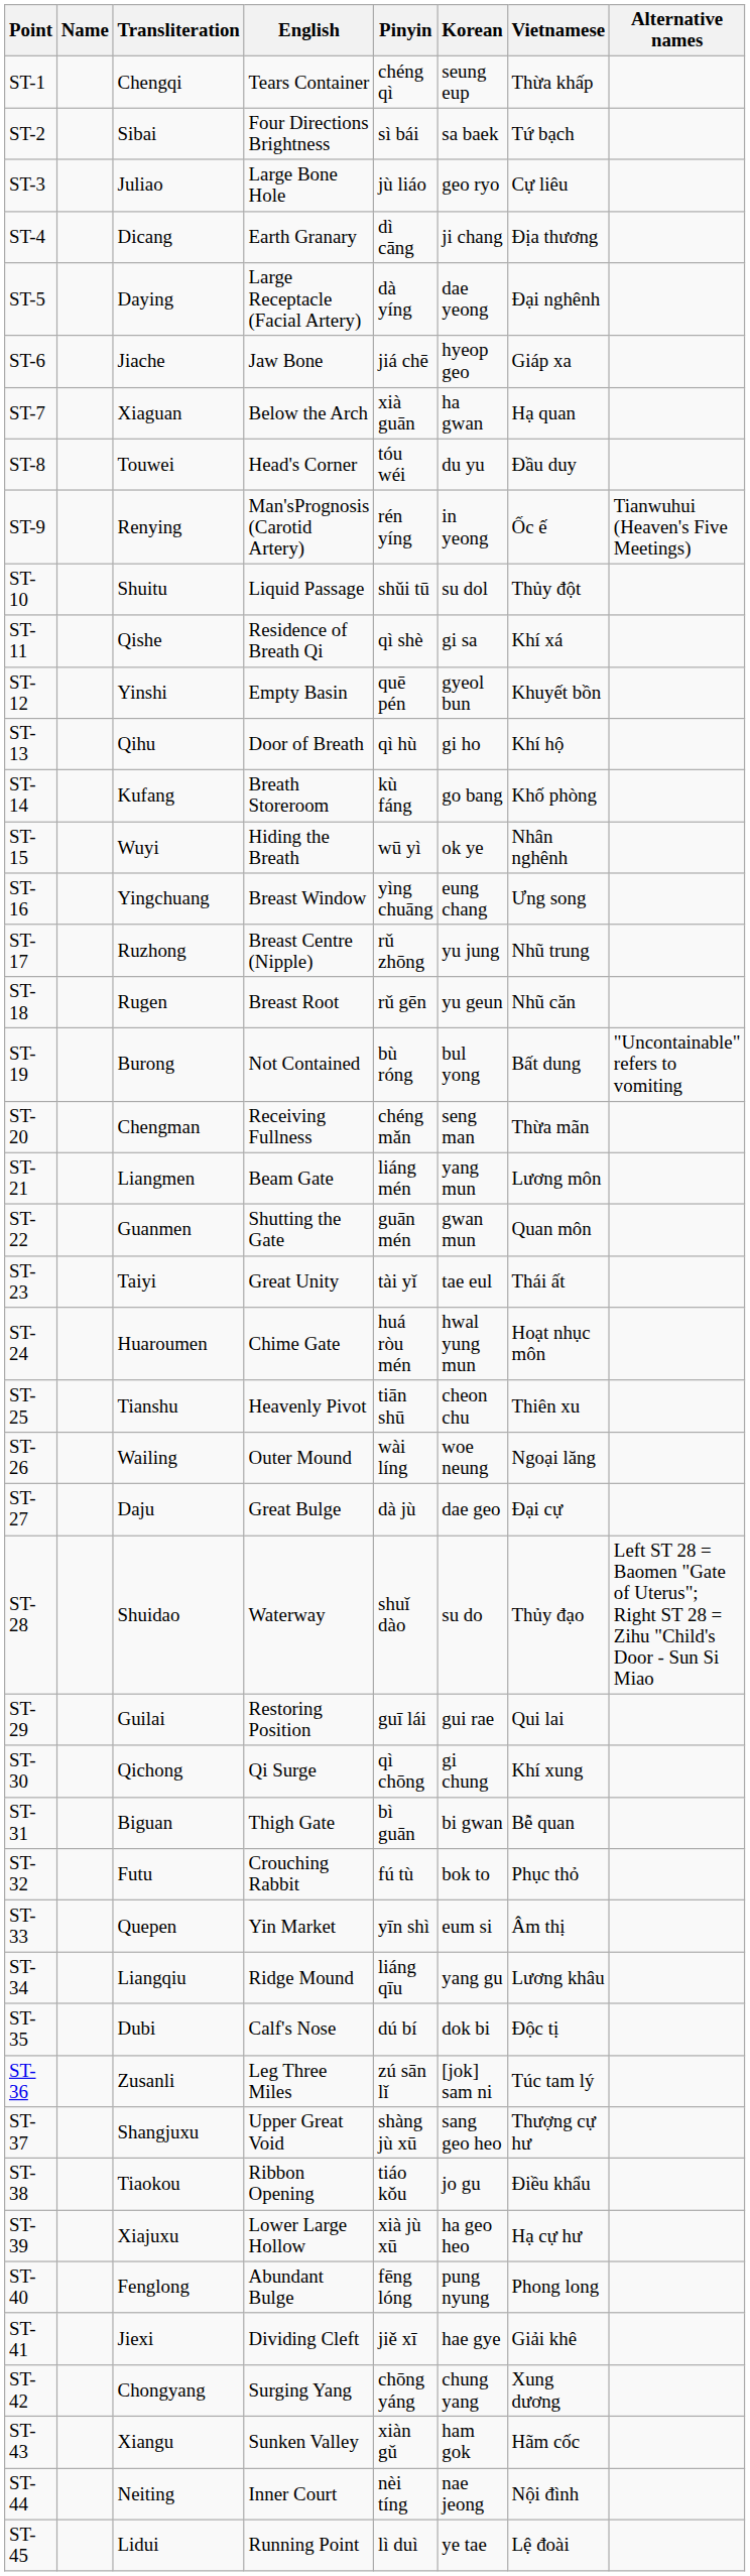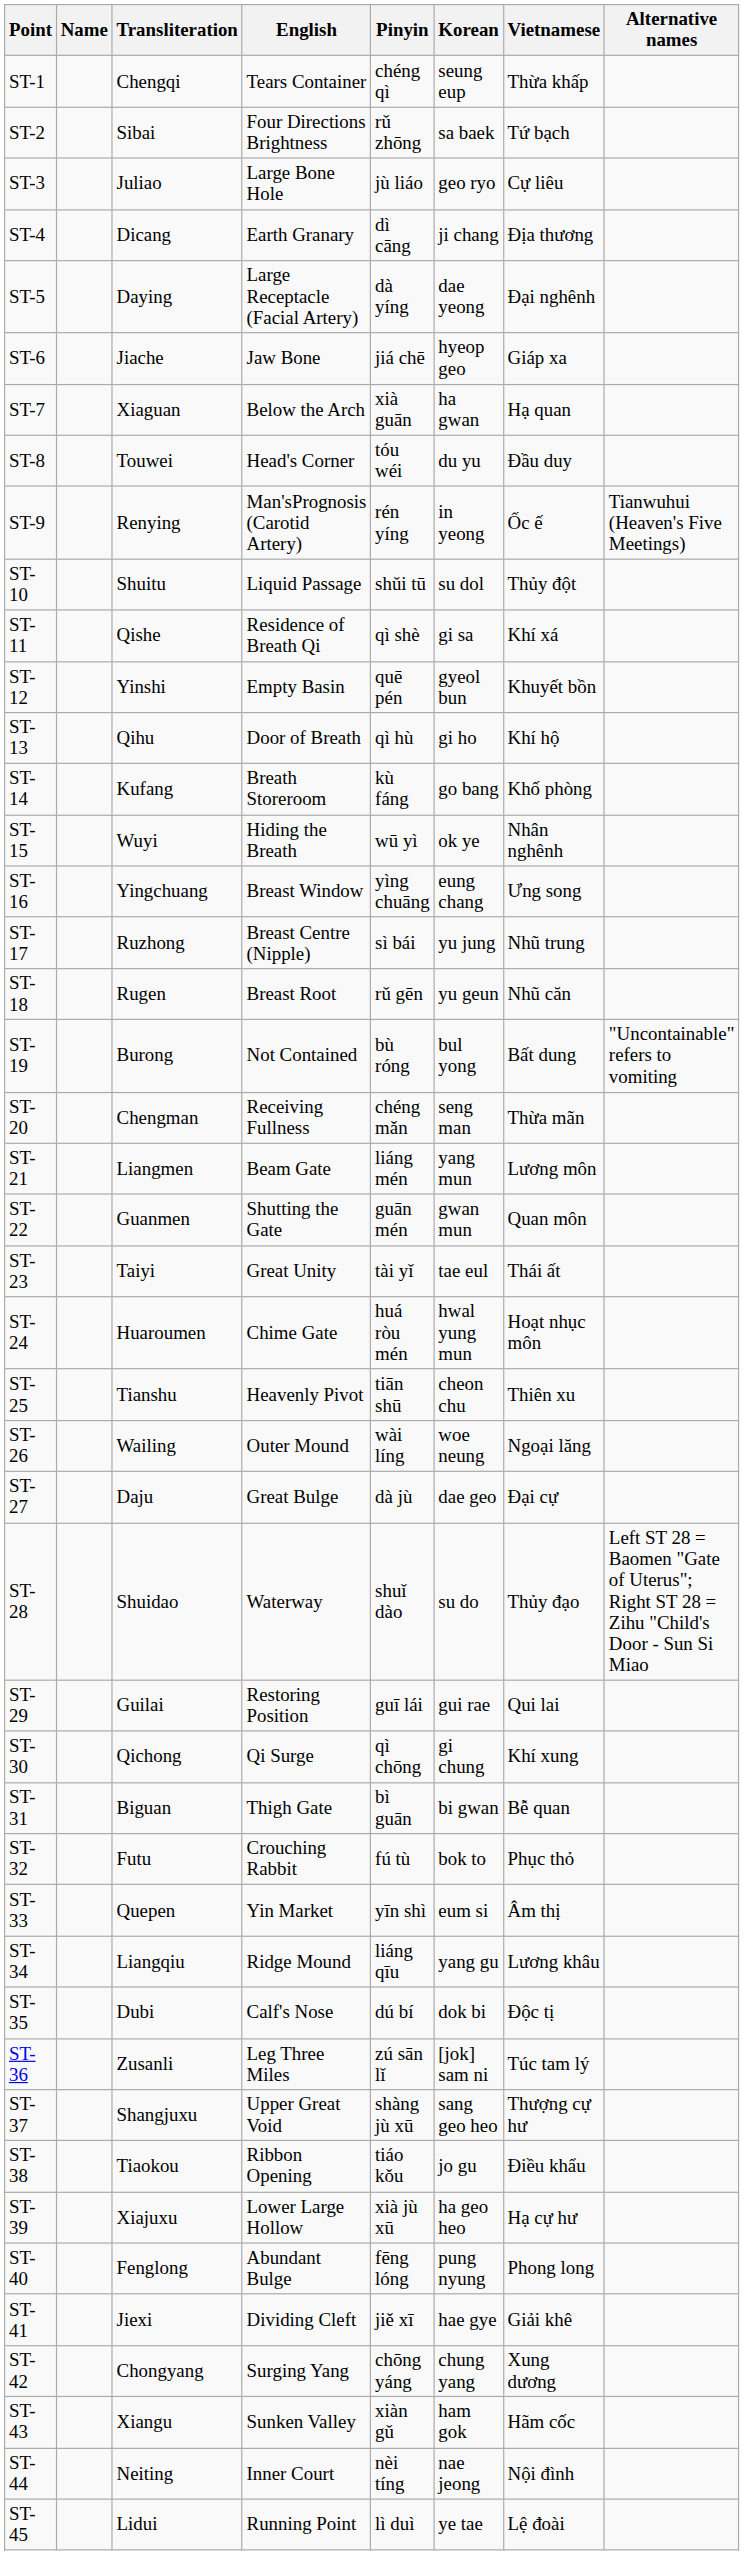 <table class="wikitable">
 <tr>
 <th>Point</th>
 <th>Name</th>
 <th>Transliteration</th>
 <th>English</th>
 <th>Pinyin</th>
 <th>Korean </th>
 <th>Vietnamese</th>
 <th>Alternative names</th>
 </tr>
 <tr>
 <td>ST-1</td>
 <td></td>
 <td>Chengqi</td>
 <td>Tears Container</td>
 <td>chéng qì</td>
 <td>seung eup </td>
 <td>Thừa  khấp</td>
 <td></td>
 </tr>
 <tr>
 <td>ST-2</td>
 <td></td>
 <td>Sibai</td>
 <td>Four Directions Brightness</td>
-<td>sì bái</td>
+<td>rǔ zhōng</td>
 <td>sa baek </td>
 <td>Tứ bạch</td>
 <td></td>
 </tr>
 <tr>
 <td>ST-3</td>
 <td></td>
 <td>Juliao</td>
 <td>Large Bone Hole</td>
 <td>jù liáo</td>
 <td>geo ryo </td>
 <td>Cự liêu</td>
 <td></td>
 </tr>
 <tr>
 <td>ST-4</td>
 <td></td>
 <td>Dicang</td>
 <td>Earth Granary</td>
 <td>dì cāng</td>
 <td>ji chang </td>
 <td>Địa  thương</td>
 <td></td>
 </tr>
 <tr>
 <td>ST-5</td>
 <td></td>
 <td>Daying</td>
 <td>Large Receptacle (Facial Artery)</td>
 <td>dà yíng</td>
 <td>dae yeong </td>
 <td>Đại  nghênh</td>
 <td></td>
 </tr>
 <tr>
 <td>ST-6</td>
 <td></td>
 <td>Jiache</td>
 <td>Jaw Bone</td>
 <td>jiá chē</td>
 <td>hyeop geo </td>
 <td>Giáp xa</td>
 <td></td>
 </tr>
 <tr>
 <td>ST-7</td>
 <td></td>
 <td>Xiaguan</td>
 <td>Below the Arch</td>
 <td>xià guān</td>
 <td>ha gwan </td>
 <td>Hạ quan</td>
 <td></td>
 </tr>
 <tr>
 <td>ST-8</td>
 <td></td>
 <td>Touwei</td>
 <td>Head's Corner</td>
 <td>tóu wéi</td>
 <td>du yu </td>
 <td>Đầu duy</td>
 <td></td>
 </tr>
 <tr>
 <td>ST-9</td>
 <td></td>
 <td>Renying</td>
 <td>Man'sPrognosis (Carotid Artery)</td>
 <td>rén yíng</td>
 <td>in yeong </td>
 <td>Ốc ế</td>
 <td>Tianwuhui (Heaven's Five Meetings)</td>
 </tr>
 <tr>
 <td>ST-10</td>
 <td></td>
 <td>Shuitu</td>
 <td>Liquid Passage</td>
 <td>shǔi tū</td>
 <td>su dol </td>
 <td>Thủy đột</td>
 <td></td>
 </tr>
 <tr>
 <td>ST-11</td>
 <td></td>
 <td>Qishe</td>
 <td>Residence of Breath Qi</td>
 <td>qì shè</td>
 <td>gi sa </td>
 <td>Khí xá</td>
 <td></td>
 </tr>
 <tr>
 <td>ST-12</td>
 <td></td>
 <td>Yinshi</td>
 <td>Empty Basin</td>
 <td>quē pén</td>
 <td>gyeol bun </td>
 <td>Khuyết  bồn</td>
 <td></td>
 </tr>
 <tr>
 <td>ST-13</td>
 <td></td>
 <td>Qihu</td>
 <td>Door of Breath</td>
 <td>qì hù</td>
 <td>gi ho </td>
 <td>Khí hộ</td>
 <td></td>
 </tr>
 <tr>
 <td>ST-14</td>
 <td></td>
 <td>Kufang</td>
 <td>Breath Storeroom</td>
 <td>kù fáng</td>
 <td>go bang </td>
 <td>Khố phòng</td>
 <td></td>
 </tr>
 <tr>
 <td>ST-15</td>
 <td></td>
 <td>Wuyi</td>
 <td>Hiding the Breath</td>
 <td>wū yì</td>
 <td>ok ye </td>
 <td>Nhân  nghênh</td>
 <td></td>
 </tr>
 <tr>
 <td>ST-16</td>
 <td></td>
 <td>Yingchuang</td>
 <td>Breast Window</td>
 <td>yìng chuāng</td>
 <td>eung chang </td>
 <td>Ưng song</td>
 <td></td>
 </tr>
 <tr>
 <td>ST-17</td>
 <td></td>
 <td>Ruzhong</td>
 <td>Breast Centre (Nipple)</td>
-<td>rǔ zhōng</td>
+<td>sì bái</td>
 <td>yu jung </td>
 <td>Nhũ trung</td>
 <td></td>
 </tr>
 <tr>
 <td>ST-18</td>
 <td></td>
 <td>Rugen</td>
 <td>Breast Root</td>
 <td>rǔ gēn</td>
 <td>yu geun </td>
 <td>Nhũ căn</td>
 <td></td>
 </tr>
 <tr>
 <td>ST-19</td>
 <td></td>
 <td>Burong</td>
 <td>Not Contained</td>
 <td>bù róng</td>
 <td>bul yong </td>
 <td>Bất dung</td>
 <td>"Uncontainable" refers to vomiting </td>
 </tr>
 <tr>
 <td>ST-20</td>
 <td></td>
 <td>Chengman</td>
 <td>Receiving Fullness</td>
 <td>chéng mǎn</td>
 <td>seng man </td>
 <td>Thừa mãn</td>
 <td></td>
 </tr>
 <tr>
 <td>ST-21</td>
 <td></td>
 <td>Liangmen</td>
 <td>Beam Gate</td>
 <td>liáng mén</td>
 <td>yang mun </td>
 <td>Lương môn</td>
 <td></td>
 </tr>
 <tr>
 <td>ST-22</td>
 <td></td>
 <td>Guanmen</td>
 <td>Shutting the Gate</td>
 <td>guān mén</td>
 <td>gwan mun </td>
 <td>Quan môn</td>
 <td></td>
 </tr>
 <tr>
 <td>ST-23</td>
 <td></td>
 <td>Taiyi</td>
 <td>Great Unity</td>
 <td>tài yǐ</td>
 <td>tae eul </td>
 <td>Thái ất</td>
 <td></td>
 </tr>
 <tr>
 <td>ST-24</td>
 <td></td>
 <td>Huaroumen</td>
 <td>Chime Gate</td>
 <td>huá ròu mén</td>
 <td>hwal yung mun </td>
 <td>Hoạt nhục môn</td>
 <td></td>
 </tr>
 <tr>
 <td>ST-25</td>
 <td></td>
 <td>Tianshu</td>
 <td>Heavenly Pivot</td>
 <td>tiān shū</td>
 <td>cheon chu </td>
 <td>Thiên xu</td>
 <td></td>
 </tr>
 <tr>
 <td>ST-26</td>
 <td></td>
 <td>Wailing</td>
 <td>Outer Mound</td>
 <td>wài líng</td>
 <td>woe neung </td>
 <td>Ngoại lăng</td>
 <td></td>
 </tr>
 <tr>
 <td>ST-27</td>
 <td></td>
 <td>Daju</td>
 <td>Great Bulge</td>
 <td>dà jù</td>
 <td>dae geo </td>
 <td>Đại cự</td>
 <td></td>
 </tr>
 <tr>
 <td>ST-28</td>
 <td></td>
 <td>Shuidao</td>
 <td>Waterway</td>
 <td>shuǐ dào</td>
 <td>su do </td>
 <td>Thủy đạo</td>
 <td>Left ST 28 = Baomen "Gate of Uterus"; Right ST 28 = Zihu "Child's Door - Sun Si Miao </td>
 </tr>
 <tr>
 <td>ST-29</td>
 <td></td>
 <td>Guilai</td>
 <td>Restoring Position</td>
 <td>guī lái</td>
 <td>gui rae </td>
 <td>Qui lai</td>
 <td></td>
 </tr>
 <tr>
 <td>ST-30</td>
 <td></td>
 <td>Qichong</td>
 <td>Qi Surge</td>
 <td>qì chōng</td>
 <td>gi chung </td>
 <td>Khí xung</td>
 <td></td>
 </tr>
 <tr>
 <td>ST-31</td>
 <td></td>
 <td>Biguan</td>
 <td>Thigh Gate</td>
 <td>bì guān</td>
 <td>bi gwan </td>
 <td>Bễ quan</td>
 <td></td>
 </tr>
 <tr>
 <td>ST-32</td>
 <td></td>
 <td>Futu</td>
 <td>Crouching Rabbit</td>
 <td>fú tù</td>
 <td>bok to </td>
 <td>Phục thỏ</td>
 <td></td>
 </tr>
 <tr>
 <td>ST-33</td>
 <td></td>
 <td>Quepen</td>
 <td>Yin Market</td>
 <td>yīn shì</td>
 <td>eum si </td>
 <td>Âm thị</td>
 <td></td>
 </tr>
 <tr>
 <td>ST-34</td>
 <td></td>
 <td>Liangqiu</td>
 <td>Ridge Mound</td>
 <td>liáng qīu</td>
 <td>yang gu </td>
 <td>Lương khâu</td>
 <td></td>
 </tr>
 <tr>
 <td>ST-35</td>
 <td></td>
 <td>Dubi</td>
 <td>Calf's Nose</td>
 <td>dú bí</td>
 <td>dok bi </td>
 <td>Độc tị</td>
 <td></td>
 </tr>
 <tr>
 <td><a href='#'>ST-36</a></td>
 <td></td>
 <td>Zusanli</td>
 <td>Leg Three Miles</td>
 <td>zú sān lǐ</td>
 <td>[jok] sam ni </td>
 <td>Túc tam lý</td>
 <td></td>
 </tr>
 <tr>
 <td>ST-37</td>
 <td></td>
 <td>Shangjuxu</td>
 <td>Upper Great Void</td>
 <td>shàng jù xū</td>
 <td>sang geo heo </td>
 <td>Thượng cự hư</td>
 <td></td>
 </tr>
 <tr>
 <td>ST-38</td>
 <td></td>
 <td>Tiaokou</td>
 <td>Ribbon Opening</td>
 <td>tiáo kǒu</td>
 <td>jo gu </td>
 <td>Điều khẩu</td>
 <td></td>
 </tr>
 <tr>
 <td>ST-39</td>
 <td></td>
 <td>Xiajuxu</td>
 <td>Lower Large Hollow</td>
 <td>xià jù xū</td>
 <td>ha geo heo </td>
 <td>Hạ cự hư</td>
 <td></td>
 </tr>
 <tr>
 <td>ST-40</td>
 <td></td>
 <td>Fenglong</td>
 <td>Abundant Bulge</td>
 <td>fēng lóng</td>
 <td>pung nyung </td>
 <td>Phong long</td>
 <td></td>
 </tr>
 <tr>
 <td>ST-41</td>
 <td></td>
 <td>Jiexi</td>
 <td>Dividing Cleft</td>
 <td>jiě xī</td>
 <td>hae gye </td>
 <td>Giải khê</td>
 <td></td>
 </tr>
 <tr>
 <td>ST-42</td>
 <td></td>
 <td>Chongyang</td>
 <td>Surging Yang</td>
 <td>chōng yáng</td>
 <td>chung yang </td>
 <td>Xung dương</td>
 <td></td>
 </tr>
 <tr>
 <td>ST-43</td>
 <td></td>
 <td>Xiangu</td>
 <td>Sunken Valley</td>
 <td>xiàn gǔ</td>
 <td>ham gok </td>
 <td>Hãm cốc</td>
 <td></td>
 </tr>
 <tr>
 <td>ST-44</td>
 <td></td>
 <td>Neiting</td>
 <td>Inner Court</td>
 <td>nèi tíng</td>
 <td>nae jeong </td>
 <td>Nội đình</td>
 <td></td>
 </tr>
 <tr>
 <td>ST-45</td>
 <td></td>
 <td>Lidui</td>
 <td>Running Point</td>
 <td>lì duì</td>
 <td>ye tae </td>
 <td>Lệ đoài</td>
 <td></td>
 </tr>
 </table>
